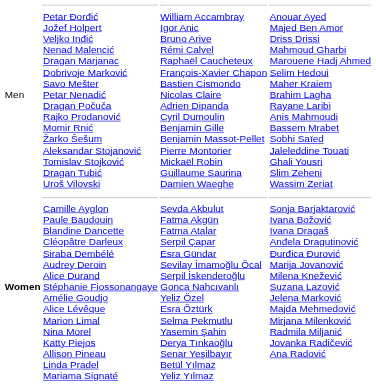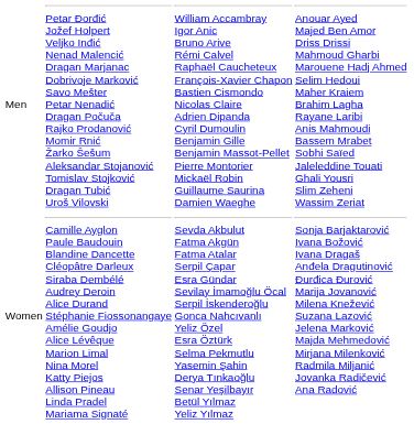 <table>
 <tr>
 <td>Men<br></td>
 <td><hr><a href='#'>Petar Đorđić</a><br><a href='#'>Jožef Holpert</a><br><a href='#'>Veljko Inđić</a><br><a href='#'>Nenad Malencić</a><br><a href='#'>Dragan Marjanac</a><br><a href='#'>Dobrivoje Marković</a><br><a href='#'>Savo Mešter</a><br><a href='#'>Petar Nenadić</a><br><a href='#'>Dragan Počuča</a><br><a href='#'>Rajko Prodanović</a><br><a href='#'>Momir Rnić</a><br><a href='#'>Žarko Šešum</a><br><a href='#'>Aleksandar Stojanović</a><br><a href='#'>Tomislav Stojković</a><br><a href='#'>Dragan Tubić</a><br><a href='#'>Uroš Vilovski</a></td>
 <td><hr><a href='#'>William Accambray</a><br><a href='#'>Igor Anic</a><br><a href='#'>Bruno Arive</a><br><a href='#'>Rémi Calvel</a><br><a href='#'>Raphaël Caucheteux</a><br><a href='#'>François-Xavier Chapon</a><br><a href='#'>Bastien Cismondo</a><br><a href='#'>Nicolas Claire</a><br><a href='#'>Adrien Dipanda</a><br><a href='#'>Cyril Dumoulin</a><br><a href='#'>Benjamin Gille</a><br><a href='#'>Benjamin Massot-Pellet</a><br><a href='#'>Pierre Montorier</a><br><a href='#'>Mickaël Robin</a><br><a href='#'>Guillaume Saurina</a><br><a href='#'>Damien Waeghe</a></td>
 <td><hr><a href='#'>Anouar Ayed</a><br><a href='#'>Majed Ben Amor</a><br><a href='#'>Driss Drissi</a><br><a href='#'>Mahmoud Gharbi</a><br><a href='#'>Marouene Hadj Ahmed</a><br><a href='#'>Selim Hedoui</a><br><a href='#'>Maher Kraiem</a><br><a href='#'>Brahim Lagha</a><br><a href='#'>Rayane Laribi</a><br><a href='#'>Anis Mahmoudi</a><br><a href='#'>Bassem Mrabet</a><br><a href='#'>Sobhi Saïed</a><br><a href='#'>Jaleleddine Touati</a><br><a href='#'>Ghali Yousri</a><br><a href='#'>Slim Zeheni</a><br><a href='#'>Wassim Zeriat</a></td>
 </tr>
 <tr>
-<td><strong>Women<br></strong></td>
+<td>Women<br></td>
 <td valign=top><hr><a href='#'>Camille Ayglon</a><br><a href='#'>Paule Baudouin</a><br><a href='#'>Blandine Dancette</a><br><a href='#'>Cléopâtre Darleux</a><br><a href='#'>Siraba Dembélé</a><br><a href='#'>Audrey Deroin</a><br><a href='#'>Alice Durand</a><br><a href='#'>Stéphanie Fiossonangaye</a><br><a href='#'>Amélie Goudjo</a><br><a href='#'>Alice Lévêque</a><br><a href='#'>Marion Limal</a><br><a href='#'>Nina Morel</a><br><a href='#'>Katty Piejos</a><br><a href='#'>Allison Pineau</a><br><a href='#'>Linda Pradel</a><br><a href='#'>Mariama Signaté</a></td>
 <td valign=top><hr><a href='#'>Sevda Akbulut</a><br><a href='#'>Fatma Akgün</a><br><a href='#'>Fatma Atalar</a><br><a href='#'>Serpil Çapar</a><br><a href='#'>Esra Gündar</a><br><a href='#'>Sevilay İmamoğlu Öcal</a><br><a href='#'>Serpil İskenderoğlu</a><br><a href='#'>Gonca Nahcıvanlı</a><br><a href='#'>Yeliz Özel</a><br><a href='#'>Esra Öztürk</a><br><a href='#'>Selma Pekmutlu</a><br><a href='#'>Yasemin Şahin</a><br><a href='#'>Derya Tınkaoğlu</a><br><a href='#'>Senar Yeşilbayır</a><br><a href='#'>Betül Yılmaz</a><br><a href='#'>Yeliz Yılmaz</a></td>
 <td valign=top><hr><a href='#'>Sonja Barjaktarović</a><br><a href='#'>Ivana Božović</a><br><a href='#'>Ivana Dragaš</a><br><a href='#'>Anđela Dragutinović</a><br><a href='#'>Đurđica Đurović</a><br><a href='#'>Marija Jovanović</a><br><a href='#'>Milena Knežević</a><br><a href='#'>Suzana Lazović</a><br><a href='#'>Jelena Marković</a><br><a href='#'>Majda Mehmedović</a><br><a href='#'>Mirjana Milenković</a><br><a href='#'>Radmila Miljanić</a><br><a href='#'>Jovanka Radičević</a><br><a href='#'>Ana Radović</a></td>
 </tr>
 </table>
